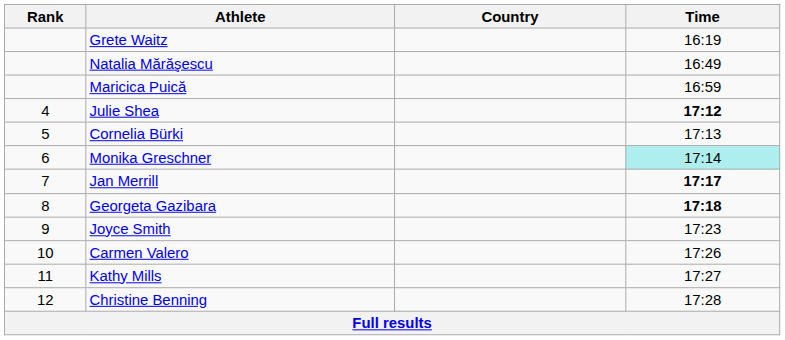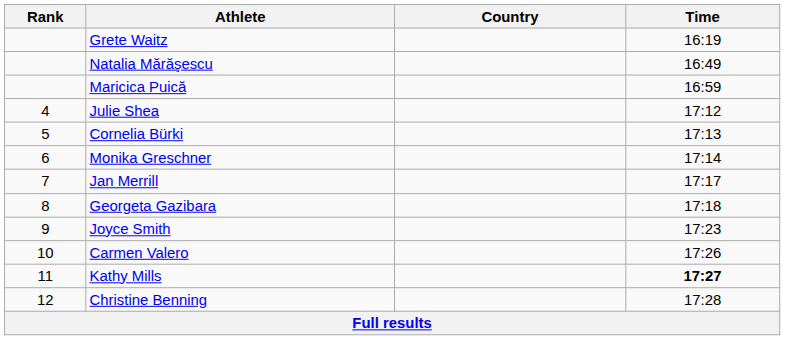 <table class="wikitable sortable" style=" text-align:center; font-size:95%;" width="50%">
 <tr>
 </tr>
 <tr>
 <th width=5%>Rank</th>
 <th width=20%>Athlete</th>
 <th width=15%>Country</th>
 <th width=10%>Time</th>
 </tr>
 <tr>
 <td align=center></td>
 <td align=left><a href='#'>Grete Waitz</a></td>
 <td align=left></td>
 <td>16:19</td>
 </tr>
 <tr>
 <td align=center></td>
 <td align=left><a href='#'>Natalia Mărăşescu</a></td>
 <td align=left></td>
 <td>16:49</td>
 </tr>
 <tr>
 <td align=center></td>
 <td align=left><a href='#'>Maricica Puică</a></td>
 <td align=left></td>
 <td>16:59</td>
 </tr>
 <tr>
 <td align=center>4</td>
 <td align=left><a href='#'>Julie Shea</a></td>
 <td align=left></td>
-<td><strong>17:12</strong></td>
+<td>17:12</td>
 </tr>
 <tr>
 <td align=center>5</td>
 <td align=left><a href='#'>Cornelia Bürki</a></td>
 <td align=left></td>
 <td>17:13</td>
 </tr>
 <tr>
 <td align=center>6</td>
 <td align=left><a href='#'>Monika Greschner</a></td>
 <td align=left></td>
-<td style="background: paleturquoise;">17:14</td>
+<td>17:14</td>
 </tr>
 <tr>
 <td align=center>7</td>
 <td align=left><a href='#'>Jan Merrill</a></td>
 <td align=left></td>
-<td><strong>17:17</strong></td>
+<td>17:17</td>
 </tr>
 <tr>
 <td align=center>8</td>
 <td align=left><a href='#'>Georgeta Gazibara</a></td>
 <td align=left></td>
-<td><strong>17:18</strong></td>
+<td>17:18</td>
 </tr>
 <tr>
 <td align=center>9</td>
 <td align=left><a href='#'>Joyce Smith</a></td>
 <td align=left></td>
 <td>17:23</td>
 </tr>
 <tr>
 <td align=center>10</td>
 <td align=left><a href='#'>Carmen Valero</a></td>
 <td align=left></td>
 <td>17:26</td>
 </tr>
 <tr>
 <td align=center>11</td>
 <td align=left><a href='#'>Kathy Mills</a></td>
 <td align=left></td>
-<td>17:27</td>
+<td><strong>17:27</strong></td>
 </tr>
 <tr>
 <td align=center>12</td>
 <td align=left><a href='#'>Christine Benning</a></td>
 <td align=left></td>
 <td>17:28</td>
 </tr>
 <tr class="sortbottom">
 <th colspan=4 align=center><a href='#'>Full results</a></th>
 </tr>
 </table>
